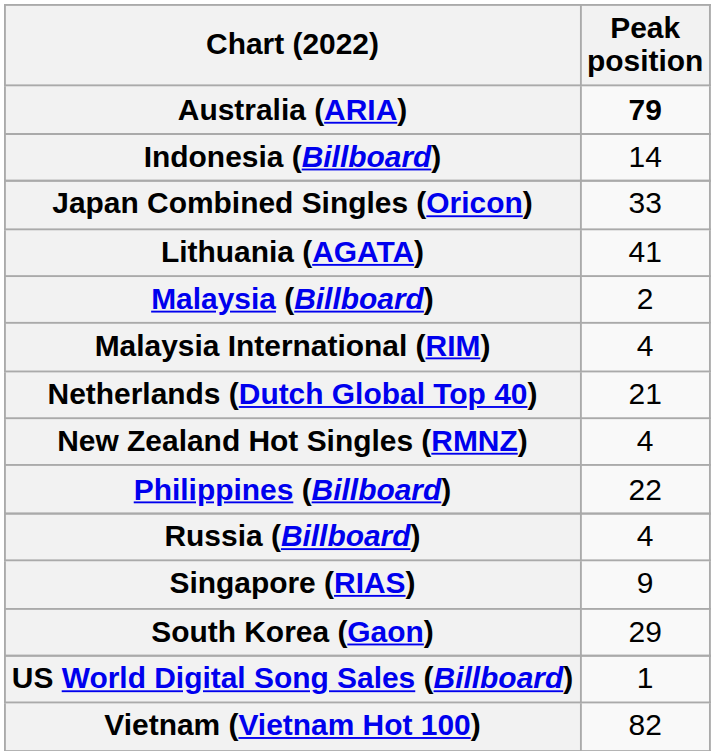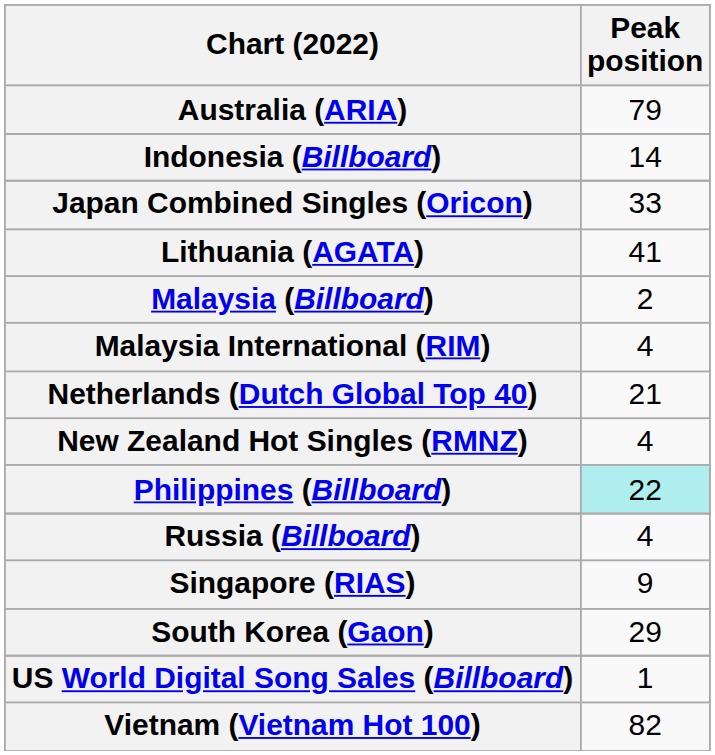 <table class="wikitable sortable plainrowheaders" style="text-align:center">
 <tr>
 <th scope="col">Chart (2022)</th>
 <th scope="col">Peak<br>position</th>
 </tr>
 <tr>
 <th scope="row">Australia (<a href='#'>ARIA</a>)</th>
-<td><strong>79</strong></td>
+<td>79</td>
 </tr>
 <tr>
 </tr>
 <tr>
 </tr>
 <tr>
 </tr>
 <tr>
 <th scope="row">Indonesia (<em><a href='#'>Billboard</a></em>)</th>
 <td>14</td>
 </tr>
 <tr>
 </tr>
 <tr>
 <th scope="row">Japan Combined Singles (<a href='#'>Oricon</a>)</th>
 <td>33</td>
 </tr>
 <tr>
 <th scope="row">Lithuania (<a href='#'>AGATA</a>)</th>
 <td>41</td>
 </tr>
 <tr>
 <th scope="row"><a href='#'>Malaysia</a> (<em><a href='#'>Billboard</a></em>)</th>
 <td>2</td>
 </tr>
 <tr>
 <th scope="row">Malaysia International (<a href='#'>RIM</a>)</th>
 <td>4</td>
 </tr>
 <tr>
 <th scope="row">Netherlands (<a href='#'>Dutch Global Top 40</a>)</th>
 <td>21</td>
 </tr>
 <tr>
 <th scope="row">New Zealand Hot Singles (<a href='#'>RMNZ</a>)</th>
 <td>4</td>
 </tr>
 <tr>
 <th scope="row"><a href='#'>Philippines</a> (<em><a href='#'>Billboard</a></em>)</th>
-<td>22</td>
+<td style="background: paleturquoise;">22</td>
 </tr>
 <tr>
 </tr>
 <tr>
 <th scope="row">Russia (<em><a href='#'>Billboard</a></em>)</th>
 <td>4</td>
 </tr>
 <tr>
 <th scope="row">Singapore (<a href='#'>RIAS</a>)</th>
 <td>9</td>
 </tr>
 <tr>
 <th scope="row">South Korea (<a href='#'>Gaon</a>)</th>
 <td>29</td>
 </tr>
 <tr>
 </tr>
 <tr>
 </tr>
 <tr>
 </tr>
 <tr>
 <th scope="row">US <a href='#'>World Digital Song Sales</a> (<em><a href='#'>Billboard</a></em>)</th>
 <td>1</td>
 </tr>
 <tr>
 <th scope="row">Vietnam (<a href='#'>Vietnam Hot 100</a>)</th>
 <td>82</td>
 </tr>
 </table>
